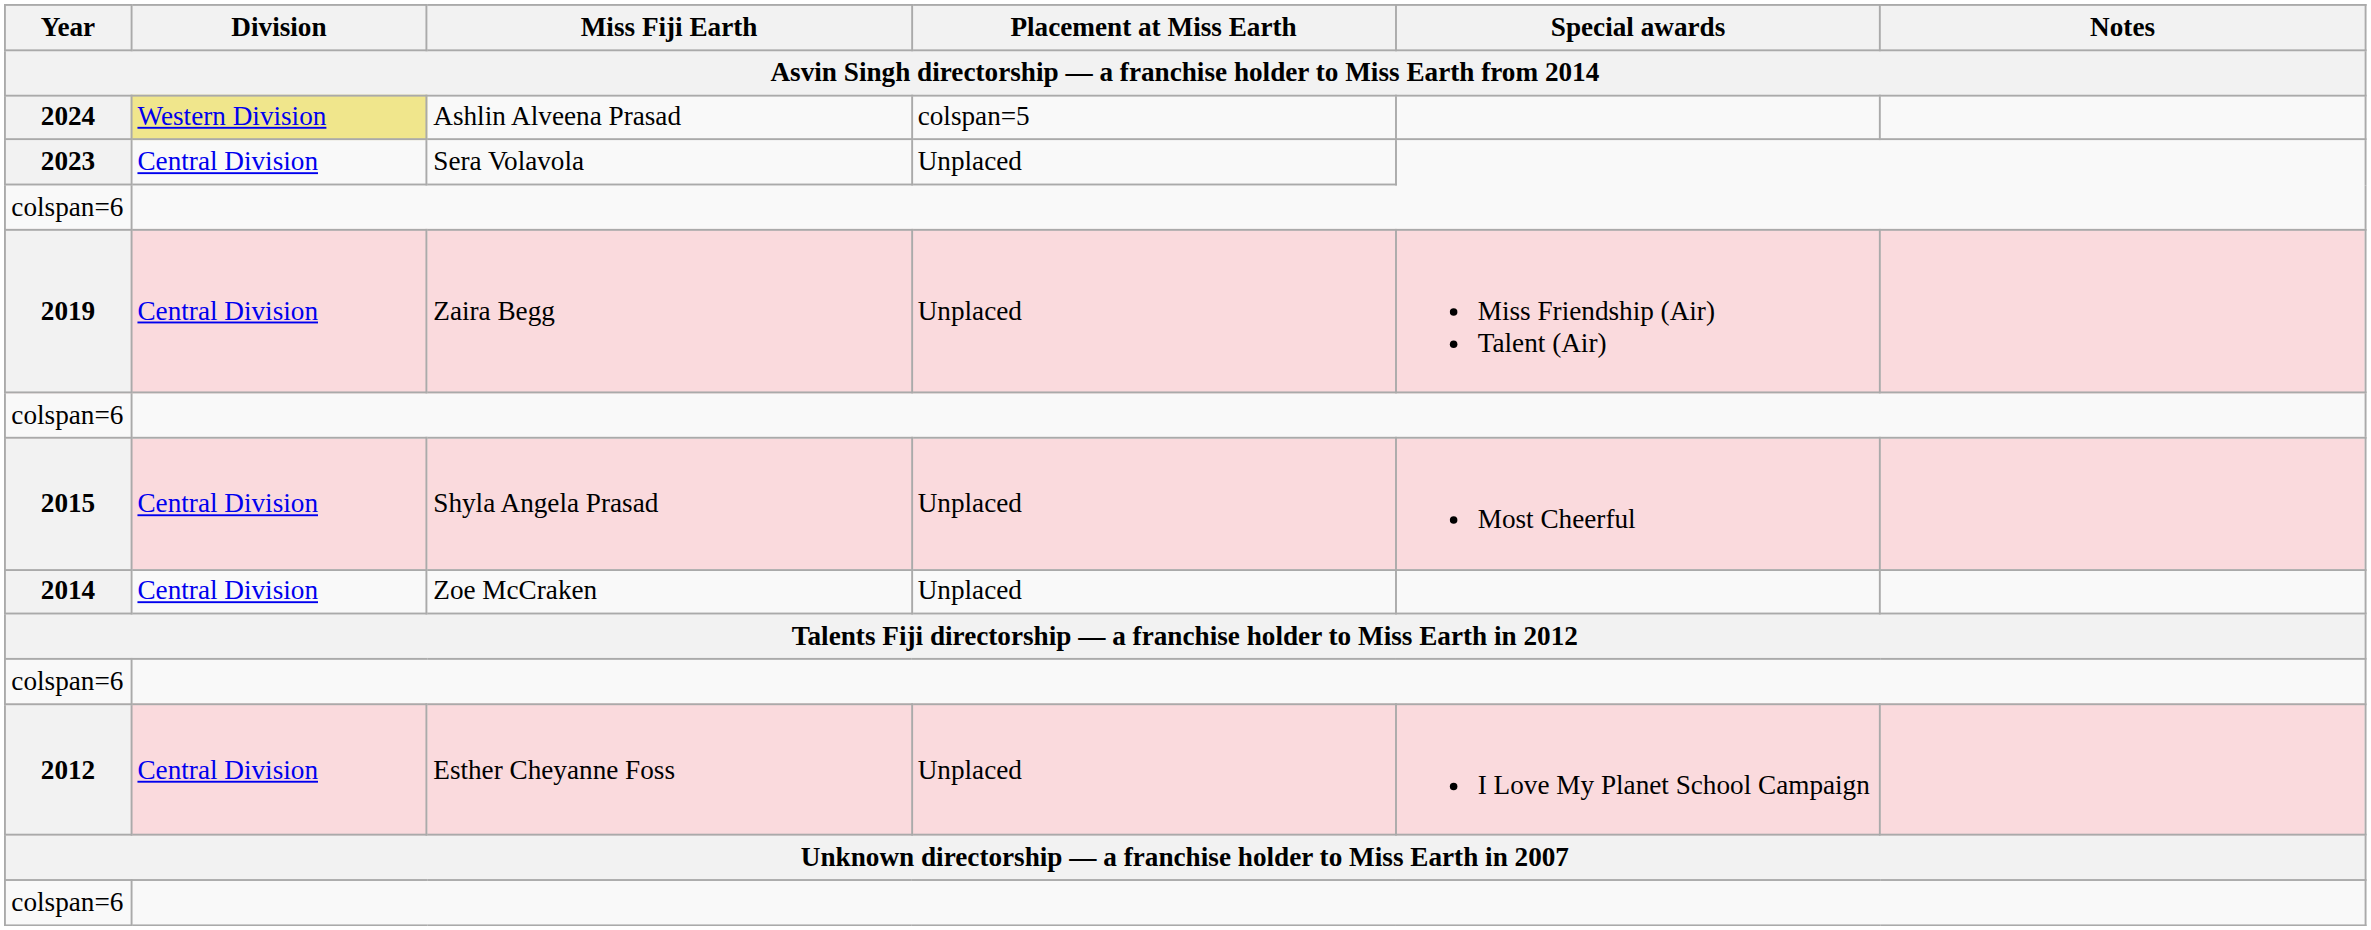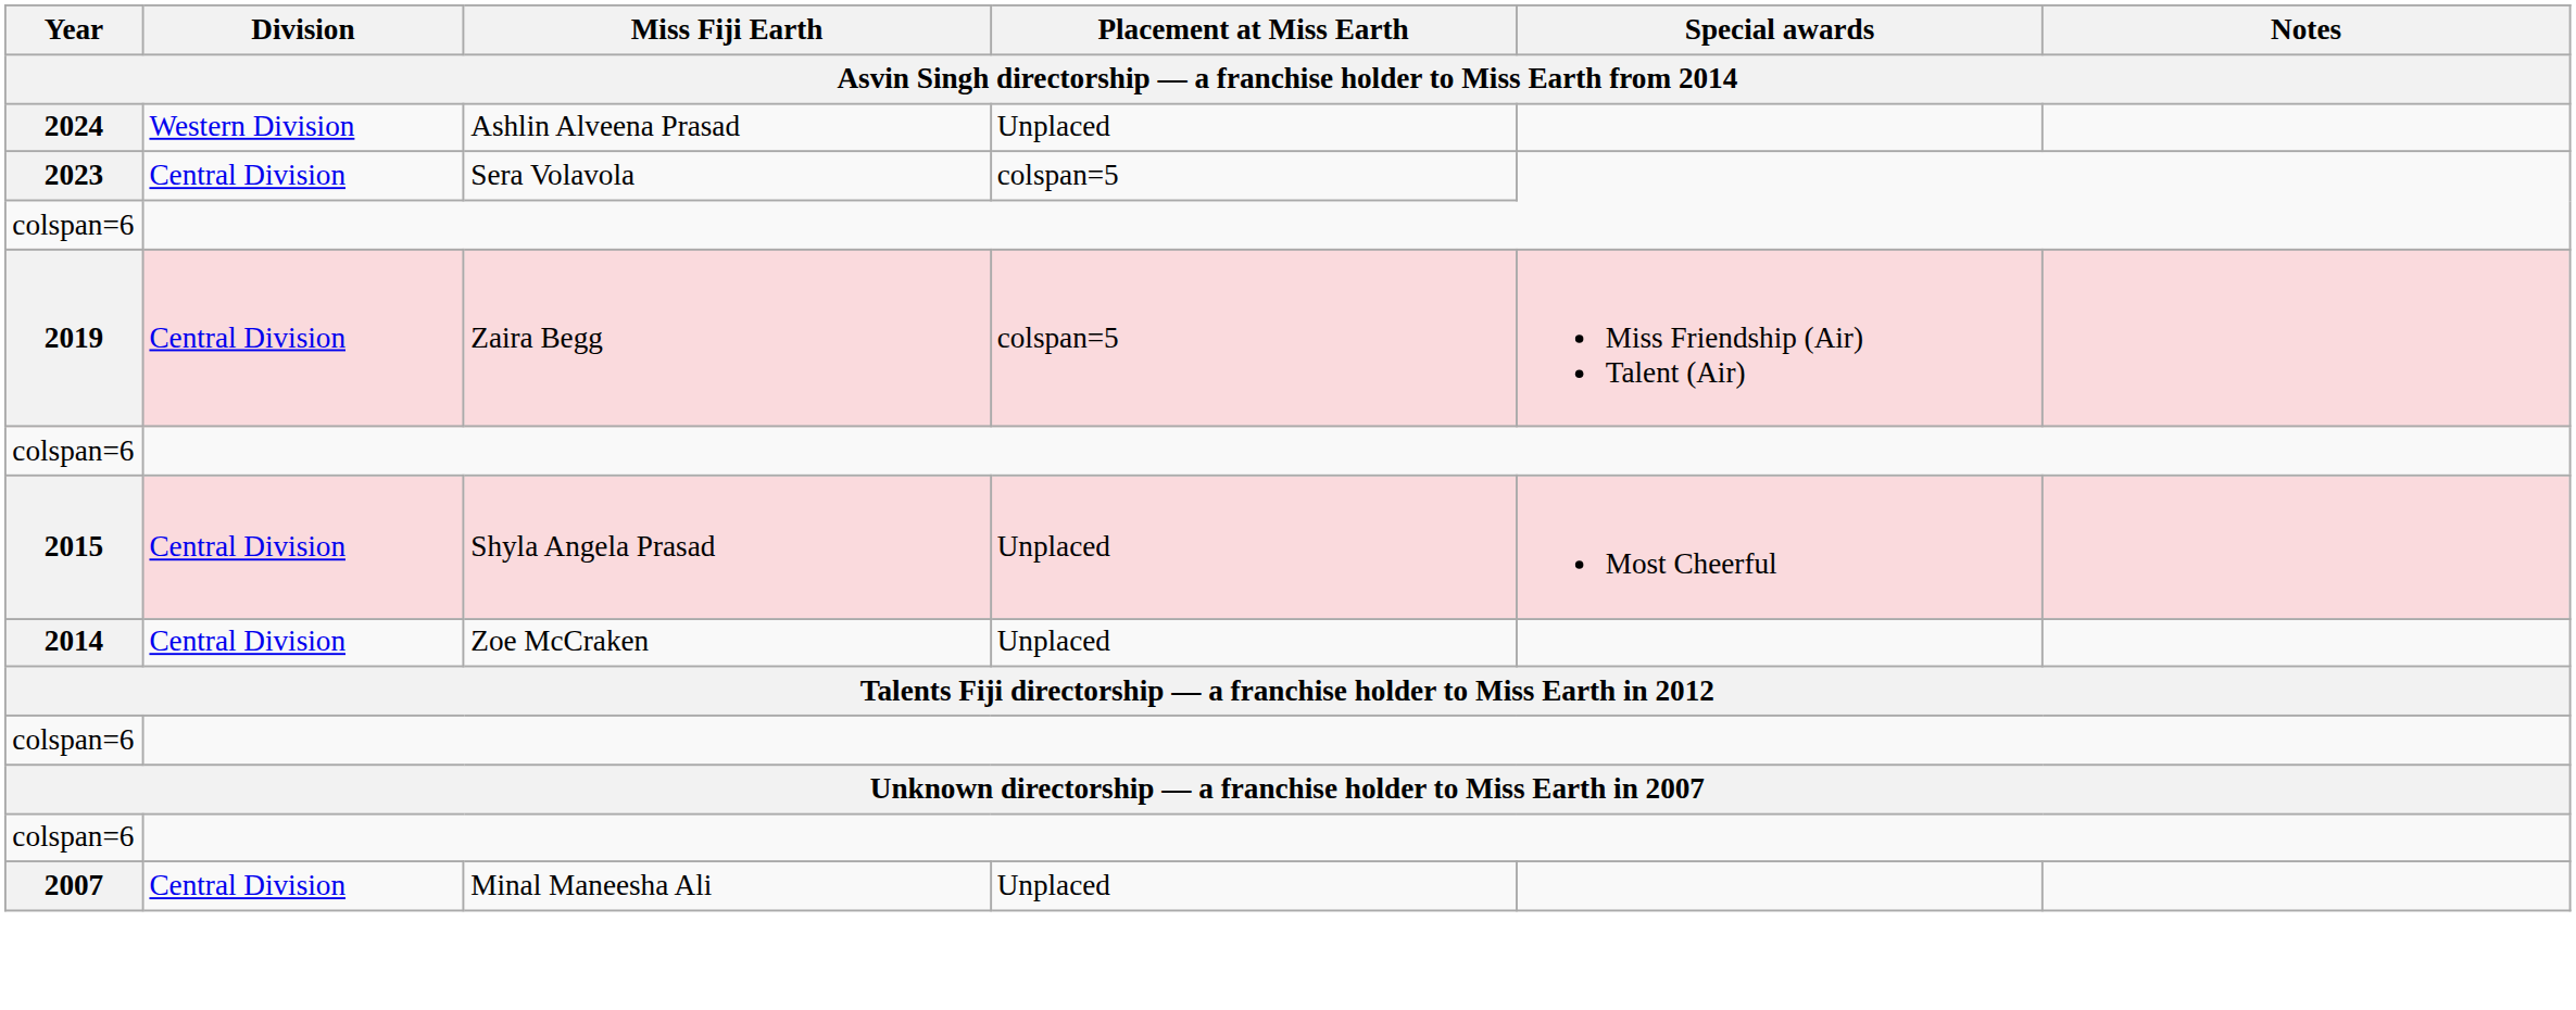 <table class="wikitable " style="font-size: 90%;">
 <tr>
 <th width="60">Year</th>
 <th width="150">Division</th>
 <th width="250">Miss Fiji Earth</th>
 <th width="250">Placement at Miss Earth</th>
 <th width="250">Special awards</th>
 <th width="250">Notes</th>
 </tr>
 <tr>
 <th colspan="6">Asvin Singh directorship — a franchise holder to Miss Earth from 2014</th>
 </tr>
 <tr>
 <th>2024</th>
-<td style="background: khaki;"><a href='#'>Western Division</a></td>
+<td><a href='#'>Western Division</a></td>
 <td>Ashlin Alveena Prasad</td>
-<td>colspan=5 </td>
+<td>Unplaced</td>
 <td></td>
 <td></td>
 </tr>
 <tr>
 <th>2023</th>
 <td><a href='#'>Central Division</a></td>
 <td>Sera Volavola</td>
-<td>Unplaced</td>
+<td>colspan=5 </td>
 </tr>
 <tr>
 <td>colspan=6 </td>
 </tr>
 <tr style="background-color:#FADADD">
 <th>2019</th>
 <td><a href='#'>Central Division</a></td>
 <td>Zaira Begg</td>
-<td>Unplaced</td>
+<td>colspan=5 </td>
 <td align="left"><br><ul><li> Miss Friendship (Air)</li><li> Talent (Air)</li></ul></td>
 <td></td>
 </tr>
 <tr>
 <td>colspan=6 </td>
 </tr>
 <tr style="background-color:#FADADD">
 <th>2015</th>
 <td><a href='#'>Central Division</a></td>
 <td>Shyla Angela Prasad</td>
 <td>Unplaced</td>
 <td align="left"><br><ul><li> Most Cheerful</li></ul></td>
 <td></td>
 </tr>
 <tr>
 <th>2014</th>
 <td><a href='#'>Central Division</a></td>
 <td>Zoe McCraken</td>
 <td>Unplaced</td>
 <td></td>
 <td></td>
 </tr>
 <tr>
 <th colspan="6">Talents Fiji directorship — a franchise holder to Miss Earth in 2012</th>
 </tr>
 <tr>
 <td>colspan=6 </td>
 </tr>
-<tr style="background-color:#FADADD">
-<th>2012</th>
-<td><a href='#'>Central Division</a></td>
-<td>Esther Cheyanne Foss</td>
-<td>Unplaced</td>
-<td align="left"><br><ul><li> I Love My Planet School Campaign</li></ul></td>
-<td></td>
-</tr>
 <tr>
 <th colspan="6">Unknown directorship — a franchise holder to Miss Earth in 2007</th>
 </tr>
 <tr>
 <td>colspan=6 </td>
 </tr>
+<tr>
+<th>2007</th>
+<td><a href='#'>Central Division</a></td>
+<td>Minal Maneesha Ali</td>
+<td>Unplaced</td>
+<td></td>
+<td></td>
+</tr>
 </table>
